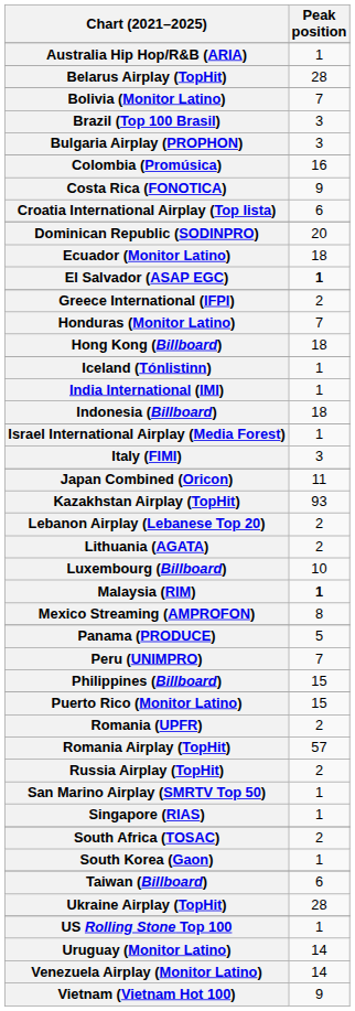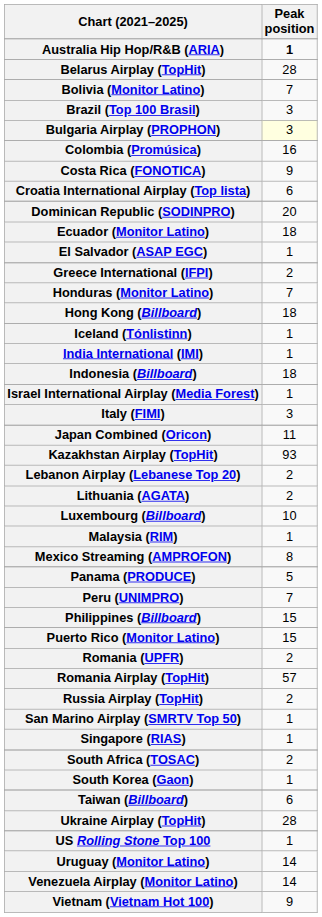 <table class="wikitable sortable plainrowheaders" style="text-align:center">
 <tr>
 <th scope="col">Chart (2021–2025)</th>
 <th scope="col">Peak<br>position</th>
 </tr>
 <tr>
 </tr>
 <tr>
 </tr>
 <tr>
 <th scope="row">Australia Hip Hop/R&B (<a href='#'>ARIA</a>)</th>
-<td>1</td>
+<td><strong>1</strong></td>
 </tr>
 <tr>
 </tr>
 <tr>
 <th scope="row">Belarus Airplay (<a href='#'>TopHit</a>)</th>
 <td>28</td>
 </tr>
 <tr>
 </tr>
 <tr>
 </tr>
 <tr>
 <th scope="row">Bolivia (<a href='#'>Monitor Latino</a>)</th>
 <td>7</td>
 </tr>
 <tr>
 <th scope="row">Brazil (<a href='#'>Top 100 Brasil</a>)</th>
 <td>3</td>
 </tr>
 <tr>
 <th scope="row">Bulgaria Airplay (<a href='#'>PROPHON</a>)</th>
-<td>3</td>
+<td style="background: lightyellow;">3</td>
 </tr>
 <tr>
 </tr>
 <tr>
 </tr>
 <tr>
 </tr>
 <tr>
 </tr>
 <tr>
 </tr>
 <tr>
 <th scope="row">Colombia (<a href='#'>Promúsica</a>)</th>
 <td>16</td>
 </tr>
 <tr>
 <th scope="row">Costa Rica (<a href='#'>FONOTICA</a>)</th>
 <td>9</td>
 </tr>
 <tr>
 <th scope="row">Croatia International Airplay (<a href='#'>Top lista</a>)</th>
 <td>6</td>
 </tr>
 <tr>
 </tr>
 <tr>
 </tr>
 <tr>
 </tr>
 <tr>
 <th scope="row">Dominican Republic (<a href='#'>SODINPRO</a>)</th>
 <td>20</td>
 </tr>
 <tr>
 <th scope="row">Ecuador (<a href='#'>Monitor Latino</a>)</th>
 <td>18</td>
 </tr>
 <tr>
 <th scope="row">El Salvador (<a href='#'>ASAP EGC</a>)</th>
-<td><strong>1</strong></td>
+<td>1</td>
 </tr>
 <tr>
 </tr>
 <tr>
 </tr>
 <tr>
 </tr>
 <tr>
 </tr>
 <tr>
 <th scope="row">Greece International (<a href='#'>IFPI</a>)</th>
 <td>2</td>
 </tr>
 <tr>
 <th scope="row">Honduras (<a href='#'>Monitor Latino</a>)</th>
 <td>7</td>
 </tr>
 <tr>
 <th scope="row">Hong Kong (<em><a href='#'>Billboard</a></em>)</th>
 <td>18</td>
 </tr>
 <tr>
 </tr>
 <tr>
 </tr>
 <tr>
 </tr>
 <tr>
 <th scope="row">Iceland (<a href='#'>Tónlistinn</a>)</th>
 <td>1</td>
 </tr>
 <tr>
 <th scope="row"><a href='#'>India International</a> (<a href='#'>IMI</a>)</th>
 <td>1</td>
 </tr>
 <tr>
 <th scope="row">Indonesia (<em><a href='#'>Billboard</a></em>)</th>
 <td>18</td>
 </tr>
 <tr>
 </tr>
 <tr>
 <th scope="row">Israel International Airplay (<a href='#'>Media Forest</a>)</th>
 <td>1</td>
 </tr>
 <tr>
 <th scope="row">Italy (<a href='#'>FIMI</a>)</th>
 <td>3</td>
 </tr>
 <tr>
 </tr>
 <tr>
 <th scope="row">Japan Combined (<a href='#'>Oricon</a>)</th>
 <td>11</td>
 </tr>
 <tr>
 <th scope="row">Kazakhstan Airplay (<a href='#'>TopHit</a>)</th>
 <td>93</td>
 </tr>
 <tr>
 <th scope="row">Lebanon Airplay (<a href='#'>Lebanese Top 20</a>)</th>
 <td>2</td>
 </tr>
 <tr>
 <th scope="row">Lithuania (<a href='#'>AGATA</a>)</th>
 <td>2</td>
 </tr>
 <tr>
 <th scope="row">Luxembourg (<em><a href='#'>Billboard</a></em>)</th>
 <td>10</td>
 </tr>
 <tr>
 <th scope="row">Malaysia (<a href='#'>RIM</a>)</th>
-<td><strong>1</strong></td>
+<td>1</td>
 </tr>
 <tr>
 <th scope="row">Mexico Streaming (<a href='#'>AMPROFON</a>)</th>
 <td>8</td>
 </tr>
 <tr>
 </tr>
 <tr>
 </tr>
 <tr>
 </tr>
 <tr>
 </tr>
 <tr>
 <th scope="row">Panama (<a href='#'>PRODUCE</a>)</th>
 <td>5</td>
 </tr>
 <tr>
 <th scope="row">Peru (<a href='#'>UNIMPRO</a>)</th>
 <td>7</td>
 </tr>
 <tr>
 <th scope="row">Philippines (<em><a href='#'>Billboard</a></em>)</th>
 <td>15</td>
 </tr>
 <tr>
 </tr>
 <tr>
 </tr>
 <tr>
 </tr>
 <tr>
 <th scope="row">Puerto Rico (<a href='#'>Monitor Latino</a>)</th>
 <td>15</td>
 </tr>
 <tr>
 <th scope="row">Romania (<a href='#'>UPFR</a>)</th>
 <td>2</td>
 </tr>
 <tr>
 <th scope="row">Romania Airplay (<a href='#'>TopHit</a>)</th>
 <td>57</td>
 </tr>
 <tr>
 <th scope="row">Russia Airplay (<a href='#'>TopHit</a>)</th>
 <td>2</td>
 </tr>
 <tr>
 <th scope="row">San Marino Airplay (<a href='#'>SMRTV Top 50</a>)</th>
 <td>1</td>
 </tr>
 <tr>
 <th scope="row">Singapore (<a href='#'>RIAS</a>)</th>
 <td>1</td>
 </tr>
 <tr>
 </tr>
 <tr>
 </tr>
 <tr>
 <th scope="row">South Africa (<a href='#'>TOSAC</a>)</th>
 <td>2</td>
 </tr>
 <tr>
 <th scope="row">South Korea (<a href='#'>Gaon</a>)</th>
 <td>1</td>
 </tr>
 <tr>
 </tr>
 <tr>
 </tr>
 <tr>
 </tr>
 <tr>
 <th scope="row">Taiwan (<em><a href='#'>Billboard</a></em>)</th>
 <td>6</td>
 </tr>
 <tr>
 <th scope="row">Ukraine Airplay (<a href='#'>TopHit</a>)</th>
 <td>28</td>
 </tr>
 <tr>
 </tr>
 <tr>
 </tr>
 <tr>
 </tr>
 <tr>
 </tr>
 <tr>
 </tr>
 <tr>
 </tr>
 <tr>
 </tr>
 <tr>
 <th scope="row">US <a href='#'><em>Rolling Stone</em> Top 100</a></th>
 <td>1</td>
 </tr>
 <tr>
 <th scope="row">Uruguay (<a href='#'>Monitor Latino</a>)</th>
 <td>14</td>
 </tr>
 <tr>
 <th scope="row">Venezuela Airplay (<a href='#'>Monitor Latino</a>)</th>
 <td>14</td>
 </tr>
 <tr>
 <th scope="row">Vietnam (<a href='#'>Vietnam Hot 100</a>)</th>
 <td>9</td>
 </tr>
 </table>
